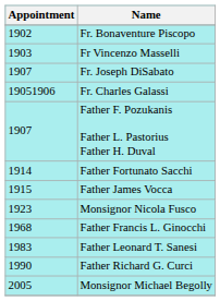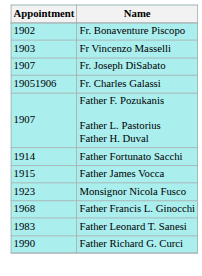 <table class="wikitable" align="right" style="clear:right; font-size:86%; margin: 1.46em 0 0 1.2em; background:#AAEEEE;">
 <tr>
 <th scope="col">Appointment</th>
 <th scope="col">Name</th>
 </tr>
 <tr>
 </tr>
 <tr>
 <td>1902</td>
 <td>Fr. Bonaventure Piscopo</td>
 </tr>
 <tr>
 <td>1903</td>
 <td>Fr Vincenzo Masselli</td>
 </tr>
 <tr>
 <td>1907</td>
 <td>Fr. Joseph DiSabato</td>
 </tr>
 <tr>
 <td>19051906</td>
 <td>Fr. Charles Galassi</td>
 </tr>
 <tr>
 <td>1907</td>
 <td>Father F. Pozukanis<br><br>Father L. Pastorius<br> Father H. Duval</td>
 </tr>
 <tr>
 <td>1914</td>
 <td>Father Fortunato Sacchi</td>
 </tr>
 <tr>
 <td>1915</td>
 <td>Father James Vocca</td>
 </tr>
 <tr>
 <td>1923</td>
 <td>Monsignor Nicola Fusco</td>
 </tr>
 <tr>
 <td>1968</td>
 <td>Father Francis L. Ginocchi</td>
 </tr>
 <tr>
 <td>1983</td>
 <td>Father Leonard T. Sanesi</td>
 </tr>
 <tr>
 <td>1990</td>
 <td>Father Richard G. Curci</td>
 </tr>
 <tr>
-<td>2005</td>
-<td>Monsignor Michael Begolly</td>
-</tr>
-<tr>
 </tr>
 </table>
